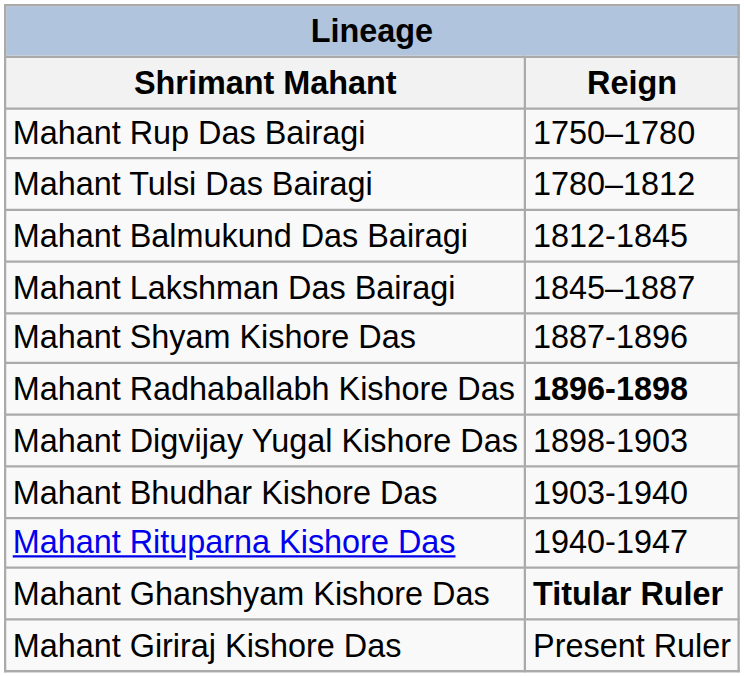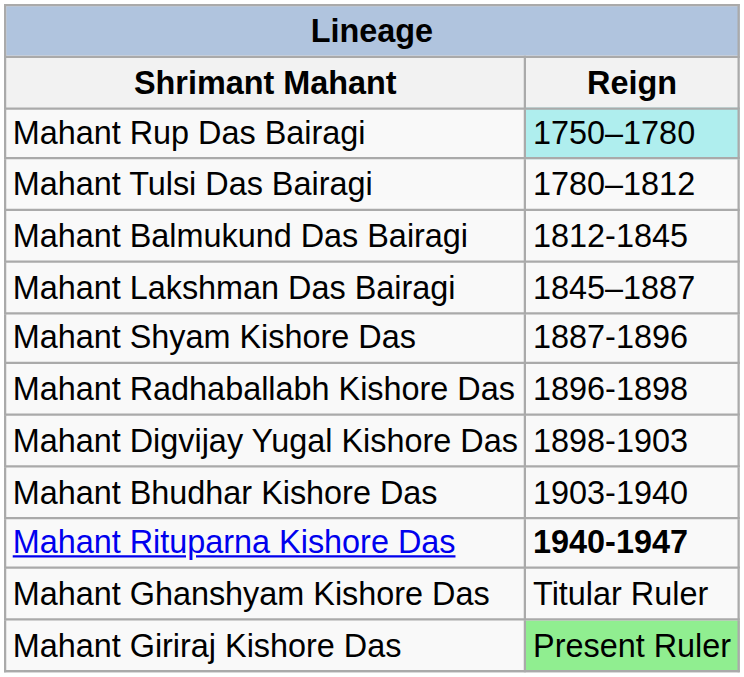 <table class="wikitable" style="font-size: 90%;">
 <tr>
 <th colspan="6" style="background: LightSteelBlue;">Lineage</th>
 </tr>
 <tr>
 <th>Shrimant Mahant</th>
 <th>Reign</th>
 </tr>
 <tr>
 <td>Mahant Rup Das Bairagi</td>
-<td>1750–1780</td>
+<td style="background: paleturquoise;">1750–1780</td>
 </tr>
 <tr>
 <td>Mahant Tulsi Das Bairagi</td>
 <td>1780–1812</td>
 </tr>
 <tr>
 <td>Mahant Balmukund Das Bairagi</td>
 <td>1812-1845</td>
 </tr>
 <tr>
 <td>Mahant Lakshman Das Bairagi</td>
 <td>1845–1887</td>
 </tr>
 <tr>
 <td>Mahant Shyam Kishore Das</td>
 <td>1887-1896</td>
 </tr>
 <tr>
 <td>Mahant Radhaballabh Kishore Das</td>
-<td><strong>1896-1898</strong></td>
+<td>1896-1898</td>
 </tr>
 <tr>
 <td>Mahant Digvijay Yugal Kishore Das</td>
 <td>1898-1903</td>
 </tr>
 <tr>
 <td>Mahant Bhudhar Kishore Das</td>
 <td>1903-1940</td>
 </tr>
 <tr>
 <td><a href='#'>Mahant Rituparna Kishore Das</a></td>
-<td>1940-1947</td>
+<td><strong>1940-1947</strong></td>
 </tr>
 <tr>
 <td>Mahant Ghanshyam Kishore Das</td>
-<td><strong>Titular Ruler</strong></td>
+<td>Titular Ruler</td>
 </tr>
 <tr>
 <td>Mahant Giriraj Kishore Das</td>
-<td>Present Ruler</td>
+<td style="background: lightgreen;">Present Ruler</td>
 </tr>
 <tr>
 </tr>
 </table>
